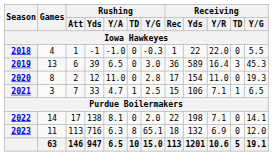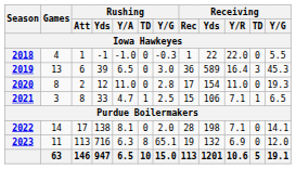 <table class="wikitable" style="text-align:center;">
 <tr>
 <th rowspan="2">Season</th>
 <th rowspan="2">Games</th>
 <th colspan="5">Rushing</th>
 <th colspan="5">Receiving</th>
 </tr>
 <tr>
 <th>Att</th>
 <th>Yds</th>
 <th>Y/A</th>
 <th>TD</th>
 <th>Y/G</th>
 <th>Rec</th>
 <th>Yds</th>
 <th>Y/R</th>
 <th>TD</th>
 <th>Y/G</th>
 </tr>
 <tr>
 <th colspan="12">Iowa Hawkeyes</th>
 </tr>
 <tr>
 <th><a href='#'>2018</a></th>
 <td>4</td>
 <td>1</td>
 <td>-1</td>
 <td>-1.0</td>
 <td>0</td>
 <td>-0.3</td>
 <td>1</td>
 <td>22</td>
 <td>22.0</td>
 <td>0</td>
 <td>5.5</td>
 </tr>
 <tr>
 <th><a href='#'>2019</a></th>
 <td>13</td>
 <td>6</td>
 <td>39</td>
 <td>6.5</td>
 <td>0</td>
 <td>3.0</td>
 <td>36</td>
 <td>589</td>
 <td>16.4</td>
 <td>3</td>
 <td>45.3</td>
 </tr>
 <tr>
 <th><a href='#'>2020</a></th>
 <td>8</td>
 <td>2</td>
 <td>12</td>
 <td>11.0</td>
 <td>0</td>
 <td>2.8</td>
 <td>17</td>
 <td>154</td>
 <td>11.0</td>
 <td>0</td>
 <td>19.3</td>
 </tr>
 <tr>
 <th><a href='#'>2021</a></th>
 <td>3</td>
-<td>7</td>
+<td>8</td>
 <td>33</td>
 <td>4.7</td>
 <td>1</td>
 <td>2.5</td>
 <td>15</td>
 <td>106</td>
 <td>7.1</td>
 <td>1</td>
 <td>6.5</td>
 </tr>
 <tr>
 <th colspan="12">Purdue Boilermakers</th>
 </tr>
 <tr>
 <th><a href='#'>2022</a></th>
 <td>14</td>
 <td>17</td>
 <td>138</td>
 <td>8.1</td>
 <td>0</td>
 <td>2.0</td>
-<td>22</td>
+<td>28</td>
 <td>198</td>
 <td>7.1</td>
 <td>0</td>
 <td>14.1</td>
 </tr>
 <tr>
 <th><a href='#'>2023</a></th>
 <td>11</td>
 <td>113</td>
 <td>716</td>
 <td>6.3</td>
 <td>8</td>
 <td>65.1</td>
-<td>18</td>
+<td>19</td>
 <td>132</td>
 <td>6.9</td>
 <td>0</td>
 <td>12.0</td>
 </tr>
 <tr>
 <th></th>
 <th>63</th>
 <th>146</th>
 <th>947</th>
 <th>6.5</th>
 <th>10</th>
 <th>15.0</th>
 <th>113</th>
 <th>1201</th>
 <th>10.6</th>
 <th>5</th>
 <th>19.1</th>
 </tr>
 </table>
